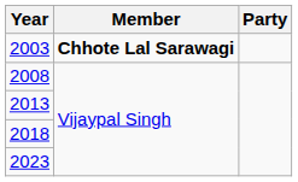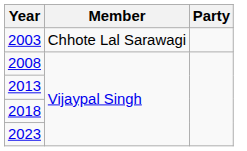 <table class="wikitable sortable">
 <tr>
 <th>Year</th>
 <th>Member</th>
 <th colspan=2>Party</th>
 </tr>
 <tr>
 <td><a href='#'>2003</a></td>
-<td><strong>Chhote Lal Sarawagi</strong></td>
+<td>Chhote Lal Sarawagi</td>
 <td></td>
 </tr>
 <tr>
 <td><a href='#'>2008</a></td>
 <td rowspan=4><a href='#'>Vijaypal Singh</a></td>
 </tr>
 <tr>
 <td><a href='#'>2013</a></td>
 </tr>
 <tr>
 <td><a href='#'>2018</a></td>
 </tr>
 <tr>
 <td><a href='#'>2023</a></td>
 </tr>
 </table>
